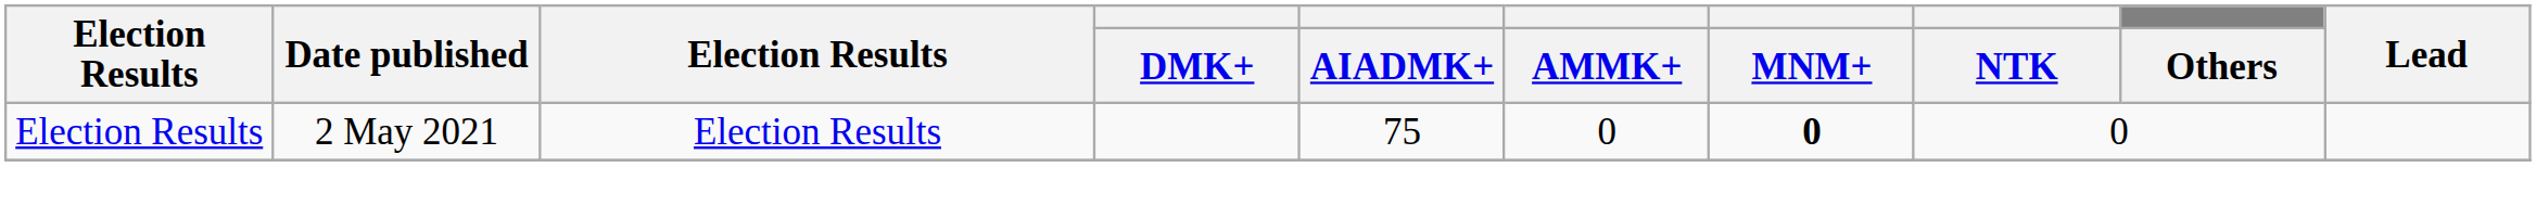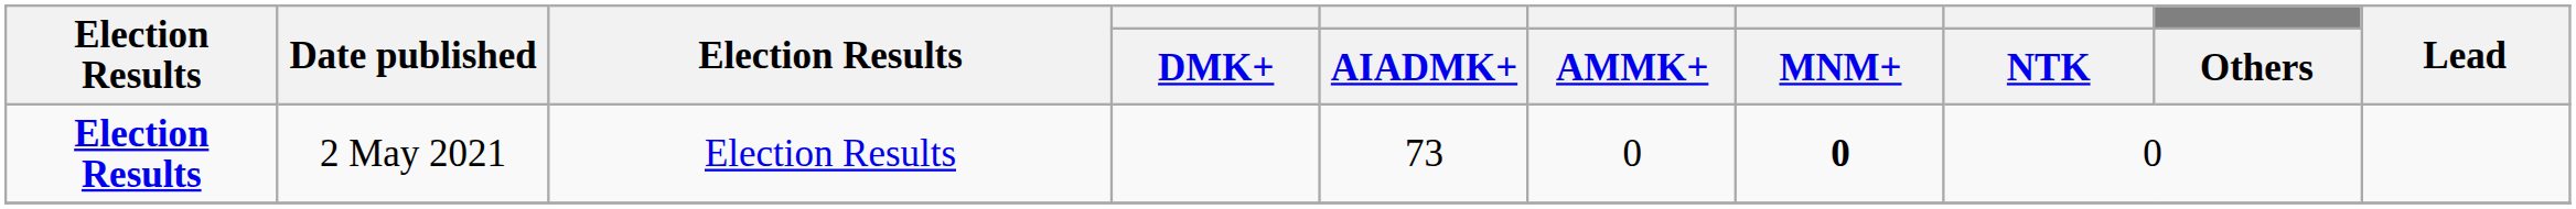 <table class="wikitable sortable" style="text-align:center; font-size:95%; line-height:16px">
 <tr>
 <th rowspan="2" width="100px">Election Results</th>
 <th rowspan="2" width="100px">Date published</th>
 <th rowspan="2" width="215px">Election Results</th>
 <th style="background:"></th>
 <th style="background:"></th>
 <th style="text-align:center; background:"></th>
 <th style="text-align:center; background:"></th>
 <th style="text-align:center; background:"></th>
 <td style="background:gray;"></td>
 <th rowspan="2" width="75px">Lead</th>
 </tr>
 <tr>
 <th style="width:75px;"><a href='#'>DMK+</a></th>
 <th style="width:75px;"><a href='#'>AIADMK+</a></th>
 <th style="width:75px;"><a href='#'>AMMK+</a></th>
 <th style="width:75px;"><a href='#'>MNM+</a></th>
 <th style="width:75px;"><a href='#'>NTK</a></th>
 <th style="width:75px;">Others </th>
 </tr>
 <tr>
-<td><a href='#'>Election Results</a></td>
+<td><strong><a href='#'>Election Results</a></strong></td>
 <td rowspan="1">2 May 2021</td>
 <td><a href='#'>Election Results</a></td>
 <td style="background:"><strong></strong></td>
-<td>75</td>
+<td>73</td>
 <td>0</td>
 <td><strong>0</strong></td>
 <td colspan="2">0</td>
 <td style="background:"><strong></strong></td>
 </tr>
 <tr>
 </tr>
 </table>
